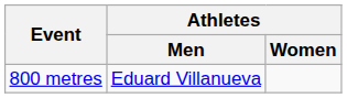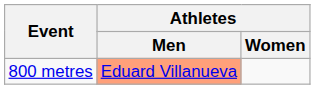 <table class=wikitable style="font-size:90%">
 <tr>
 <th rowspan=2>Event</th>
 <th colspan=2>Athletes</th>
 </tr>
 <tr>
 <th>Men</th>
 <th>Women</th>
 </tr>
 <tr>
 <td><a href='#'>800 metres</a></td>
-<td><a href='#'>Eduard Villanueva</a></td>
+<td style="background: lightsalmon;"><a href='#'>Eduard Villanueva</a></td>
 <td></td>
 </tr>
 </table>
